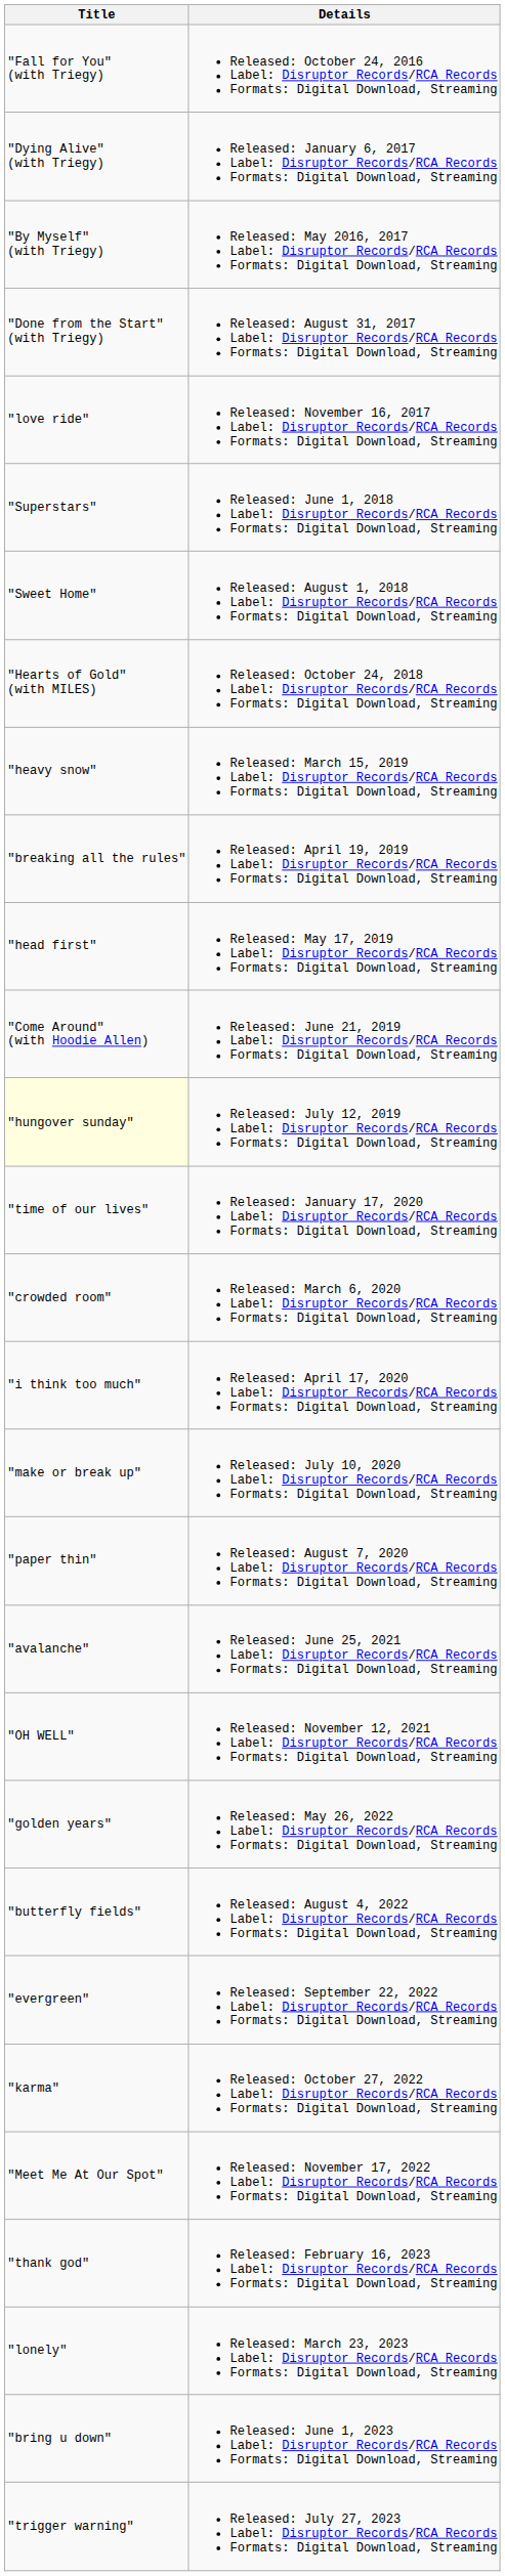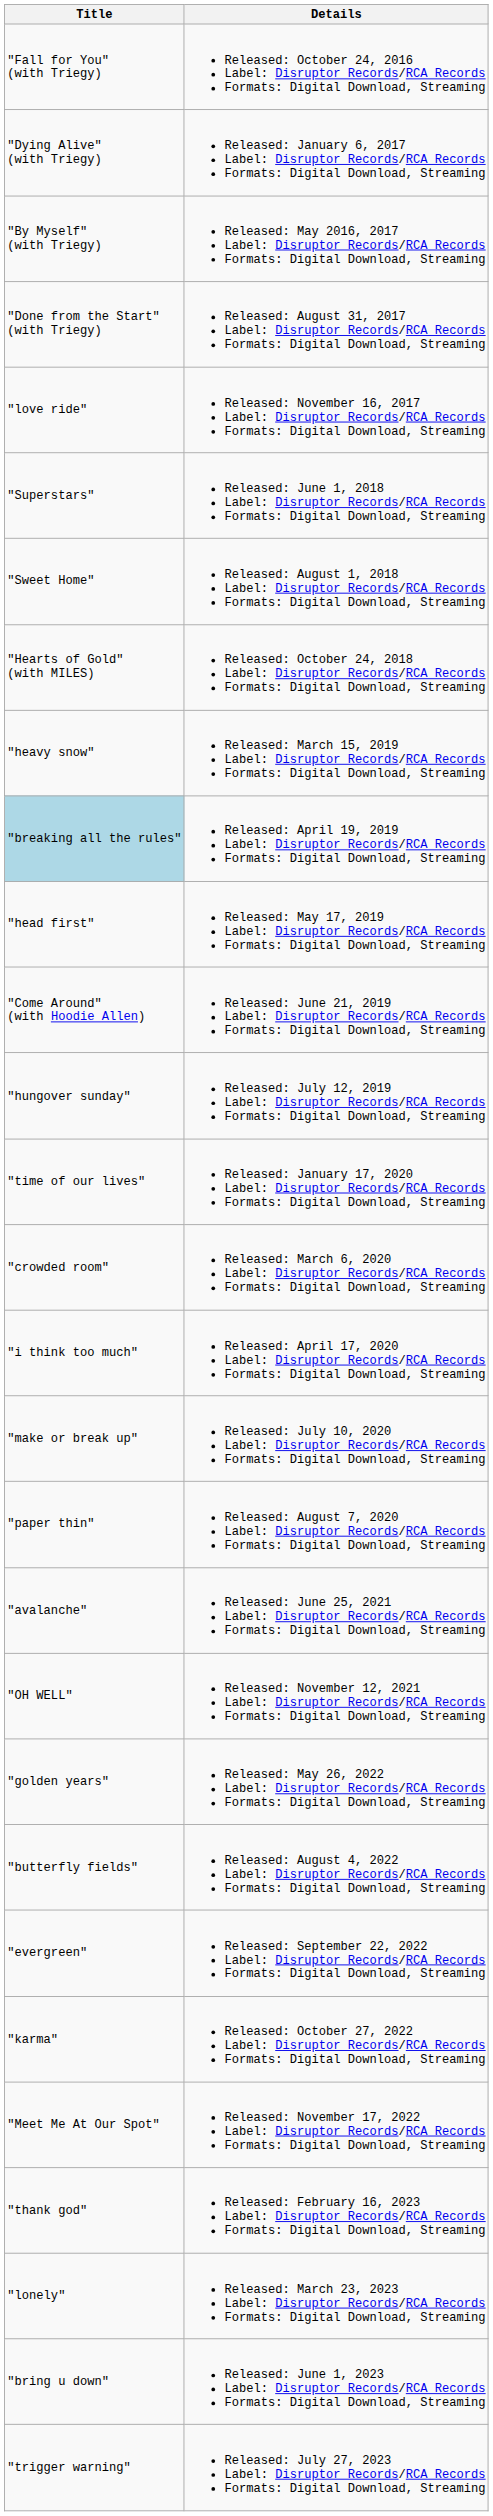 <table class="wikitable">
 <tr>
 <th>Title</th>
 <th>Details</th>
 </tr>
 <tr>
 <td>"Fall for You"<br>(with Triegy)</td>
 <td><br><ul><li>Released: October 24, 2016</li><li>Label: <a href='#'>Disruptor Records</a>/<a href='#'>RCA Records</a></li><li>Formats: Digital Download, Streaming</li></ul></td>
 </tr>
 <tr>
 <td>"Dying Alive"<br>(with Triegy)</td>
 <td><br><ul><li>Released: January 6, 2017</li><li>Label: <a href='#'>Disruptor Records</a>/<a href='#'>RCA Records</a></li><li>Formats: Digital Download, Streaming</li></ul></td>
 </tr>
 <tr>
 <td>"By Myself"<br>(with Triegy)</td>
 <td><br><ul><li>Released: May 2016, 2017</li><li>Label: <a href='#'>Disruptor Records</a>/<a href='#'>RCA Records</a></li><li>Formats: Digital Download, Streaming</li></ul></td>
 </tr>
 <tr>
 <td>"Done from the Start"<br>(with Triegy)</td>
 <td><br><ul><li>Released: August 31, 2017</li><li>Label: <a href='#'>Disruptor Records</a>/<a href='#'>RCA Records</a></li><li>Formats: Digital Download, Streaming</li></ul></td>
 </tr>
 <tr>
 <td>"love ride"</td>
 <td><br><ul><li>Released: November 16, 2017</li><li>Label: <a href='#'>Disruptor Records</a>/<a href='#'>RCA Records</a></li><li>Formats: Digital Download, Streaming</li></ul></td>
 </tr>
 <tr>
 <td>"Superstars"</td>
 <td><br><ul><li>Released: June 1, 2018</li><li>Label: <a href='#'>Disruptor Records</a>/<a href='#'>RCA Records</a></li><li>Formats: Digital Download, Streaming</li></ul></td>
 </tr>
 <tr>
 <td>"Sweet Home"</td>
 <td><br><ul><li>Released: August 1, 2018</li><li>Label: <a href='#'>Disruptor Records</a>/<a href='#'>RCA Records</a></li><li>Formats: Digital Download, Streaming</li></ul></td>
 </tr>
 <tr>
 <td>"Hearts of Gold"<br>(with MILES)</td>
 <td><br><ul><li>Released: October 24, 2018</li><li>Label: <a href='#'>Disruptor Records</a>/<a href='#'>RCA Records</a></li><li>Formats: Digital Download, Streaming</li></ul></td>
 </tr>
 <tr>
 <td>"heavy snow"</td>
 <td><br><ul><li>Released: March 15, 2019</li><li>Label: <a href='#'>Disruptor Records</a>/<a href='#'>RCA Records</a></li><li>Formats: Digital Download, Streaming</li></ul></td>
 </tr>
 <tr>
-<td>"breaking all the rules"</td>
+<td style="background: lightblue;">"breaking all the rules"</td>
 <td><br><ul><li>Released: April 19, 2019</li><li>Label: <a href='#'>Disruptor Records</a>/<a href='#'>RCA Records</a></li><li>Formats: Digital Download, Streaming</li></ul></td>
 </tr>
 <tr>
 <td>"head first"</td>
 <td><br><ul><li>Released: May 17, 2019</li><li>Label: <a href='#'>Disruptor Records</a>/<a href='#'>RCA Records</a></li><li>Formats: Digital Download, Streaming</li></ul></td>
 </tr>
 <tr>
 <td>"Come Around"<br>(with <a href='#'>Hoodie Allen</a>)</td>
 <td><br><ul><li>Released: June 21, 2019</li><li>Label: <a href='#'>Disruptor Records</a>/<a href='#'>RCA Records</a></li><li>Formats: Digital Download, Streaming</li></ul></td>
 </tr>
 <tr>
-<td style="background: lightyellow;">"hungover sunday"</td>
+<td>"hungover sunday"</td>
 <td><br><ul><li>Released: July 12, 2019</li><li>Label: <a href='#'>Disruptor Records</a>/<a href='#'>RCA Records</a></li><li>Formats: Digital Download, Streaming</li></ul></td>
 </tr>
 <tr>
 <td>"time of our lives"</td>
 <td><br><ul><li>Released: January 17, 2020</li><li>Label: <a href='#'>Disruptor Records</a>/<a href='#'>RCA Records</a></li><li>Formats: Digital Download, Streaming</li></ul></td>
 </tr>
 <tr>
 <td>"crowded room"</td>
 <td><br><ul><li>Released: March 6, 2020</li><li>Label: <a href='#'>Disruptor Records</a>/<a href='#'>RCA Records</a></li><li>Formats: Digital Download, Streaming</li></ul></td>
 </tr>
 <tr>
 <td>"i think too much"</td>
 <td><br><ul><li>Released: April 17, 2020</li><li>Label: <a href='#'>Disruptor Records</a>/<a href='#'>RCA Records</a></li><li>Formats: Digital Download, Streaming</li></ul></td>
 </tr>
 <tr>
 <td>"make or break up"</td>
 <td><br><ul><li>Released: July 10, 2020</li><li>Label: <a href='#'>Disruptor Records</a>/<a href='#'>RCA Records</a></li><li>Formats: Digital Download, Streaming</li></ul></td>
 </tr>
 <tr>
 <td>"paper thin"</td>
 <td><br><ul><li>Released: August 7, 2020</li><li>Label: <a href='#'>Disruptor Records</a>/<a href='#'>RCA Records</a></li><li>Formats: Digital Download, Streaming</li></ul></td>
 </tr>
 <tr>
 <td>"avalanche"</td>
 <td><br><ul><li>Released: June 25, 2021</li><li>Label: <a href='#'>Disruptor Records</a>/<a href='#'>RCA Records</a></li><li>Formats: Digital Download, Streaming</li></ul></td>
 </tr>
 <tr>
 <td>"OH WELL"</td>
 <td><br><ul><li>Released: November 12, 2021</li><li>Label: <a href='#'>Disruptor Records</a>/<a href='#'>RCA Records</a></li><li>Formats: Digital Download, Streaming</li></ul></td>
 </tr>
 <tr>
 <td>"golden years"</td>
 <td><br><ul><li>Released: May 26, 2022</li><li>Label: <a href='#'>Disruptor Records</a>/<a href='#'>RCA Records</a></li><li>Formats: Digital Download, Streaming</li></ul></td>
 </tr>
 <tr>
 <td>"butterfly fields"</td>
 <td><br><ul><li>Released: August 4, 2022</li><li>Label: <a href='#'>Disruptor Records</a>/<a href='#'>RCA Records</a></li><li>Formats: Digital Download, Streaming</li></ul></td>
 </tr>
 <tr>
 <td>"evergreen"</td>
 <td><br><ul><li>Released: September 22, 2022</li><li>Label: <a href='#'>Disruptor Records</a>/<a href='#'>RCA Records</a></li><li>Formats: Digital Download, Streaming</li></ul></td>
 </tr>
 <tr>
 <td>"karma"</td>
 <td><br><ul><li>Released: October 27, 2022</li><li>Label: <a href='#'>Disruptor Records</a>/<a href='#'>RCA Records</a></li><li>Formats: Digital Download, Streaming</li></ul></td>
 </tr>
 <tr>
 <td>"Meet Me At Our Spot"</td>
 <td><br><ul><li>Released: November 17, 2022</li><li>Label: <a href='#'>Disruptor Records</a>/<a href='#'>RCA Records</a></li><li>Formats: Digital Download, Streaming</li></ul></td>
 </tr>
 <tr>
 <td>"thank god"</td>
 <td><br><ul><li>Released: February 16, 2023</li><li>Label: <a href='#'>Disruptor Records</a>/<a href='#'>RCA Records</a></li><li>Formats: Digital Download, Streaming</li></ul></td>
 </tr>
 <tr>
 <td>"lonely"</td>
 <td><br><ul><li>Released: March 23, 2023</li><li>Label: <a href='#'>Disruptor Records</a>/<a href='#'>RCA Records</a></li><li>Formats: Digital Download, Streaming</li></ul></td>
 </tr>
 <tr>
 <td>"bring u down"</td>
 <td><br><ul><li>Released: June 1, 2023</li><li>Label: <a href='#'>Disruptor Records</a>/<a href='#'>RCA Records</a></li><li>Formats: Digital Download, Streaming</li></ul></td>
 </tr>
 <tr>
 <td>"trigger warning"</td>
 <td><br><ul><li>Released: July 27, 2023</li><li>Label: <a href='#'>Disruptor Records</a>/<a href='#'>RCA Records</a></li><li>Formats: Digital Download, Streaming</li></ul></td>
 </tr>
 </table>
